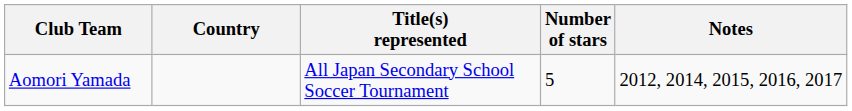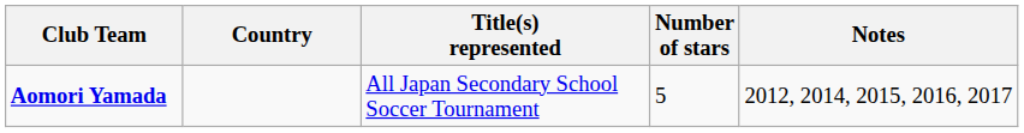 <table class="wikitable sortable">
 <tr>
 <th width=120>Club Team</th>
 <th width=120>Country</th>
 <th width=200>Title(s)<br>represented</th>
 <th>Number<br>of stars</th>
 <th class="unsortable">Notes</th>
 </tr>
 <tr>
-<td><a href='#'>Aomori Yamada</a></td>
+<td><strong><a href='#'>Aomori Yamada</a></strong></td>
 <td></td>
 <td><a href='#'>All Japan Secondary School Soccer Tournament</a></td>
 <td>5</td>
 <td>2012, 2014, 2015, 2016, 2017</td>
 </tr>
 </table>
